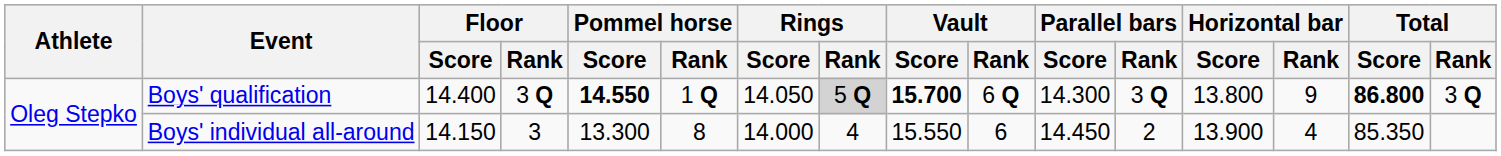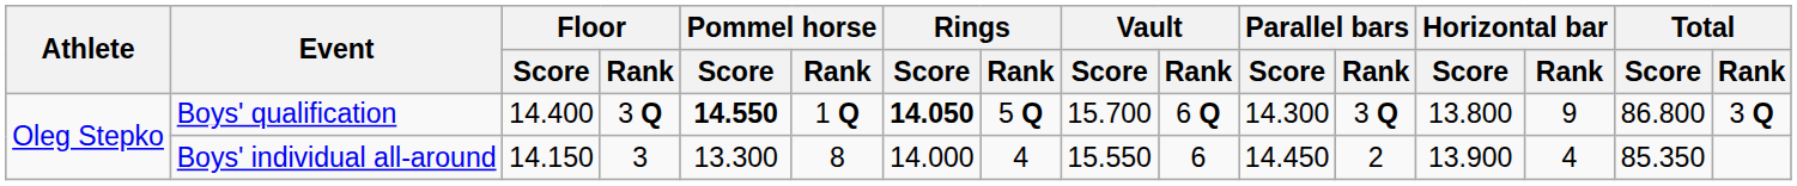 <table class="wikitable" border="1" style="font-size:90%">
 <tr>
 <th rowspan=2>Athlete</th>
 <th rowspan=2>Event</th>
 <th colspan=2>Floor</th>
 <th colspan=2>Pommel horse</th>
 <th colspan=2>Rings</th>
 <th colspan=2>Vault</th>
 <th colspan=2>Parallel bars</th>
 <th colspan=2>Horizontal bar</th>
 <th colspan=2>Total</th>
 </tr>
 <tr>
 <th>Score</th>
 <th>Rank</th>
 <th>Score</th>
 <th>Rank</th>
 <th>Score</th>
 <th>Rank</th>
 <th>Score</th>
 <th>Rank</th>
 <th>Score</th>
 <th>Rank</th>
 <th>Score</th>
 <th>Rank</th>
 <th>Score</th>
 <th>Rank</th>
 </tr>
 <tr>
 <td rowspan=2><a href='#'>Oleg Stepko</a></td>
 <td><a href='#'>Boys' qualification</a></td>
 <td align=center>14.400</td>
 <td align=center>3 <strong>Q</strong></td>
 <td align=center><strong>14.550</strong></td>
 <td align=center>1 <strong>Q</strong></td>
-<td align=center>14.050</td>
-<td align=center style="background: lightgrey;">5 <strong>Q</strong></td>
-<td align=center><strong>15.700</strong></td>
+<td align=center><strong>14.050</strong></td>
+<td align=center>5 <strong>Q</strong></td>
+<td align=center>15.700</td>
 <td align=center>6 <strong>Q</strong></td>
 <td align=center>14.300</td>
 <td align=center>3 <strong>Q</strong></td>
 <td align=center>13.800</td>
 <td align=center>9</td>
-<td align=center><strong>86.800</strong></td>
+<td align=center>86.800</td>
 <td align=center>3 <strong>Q</strong></td>
 </tr>
 <tr>
 <td><a href='#'>Boys' individual all-around</a></td>
 <td align=center>14.150</td>
 <td align=center>3</td>
 <td align=center>13.300</td>
 <td align=center>8</td>
 <td align=center>14.000</td>
 <td align=center>4</td>
 <td align=center>15.550</td>
 <td align=center>6</td>
 <td align=center>14.450</td>
 <td align=center>2</td>
 <td align=center>13.900</td>
 <td align=center>4</td>
 <td align=center>85.350</td>
 <td align=center></td>
 </tr>
 </table>
